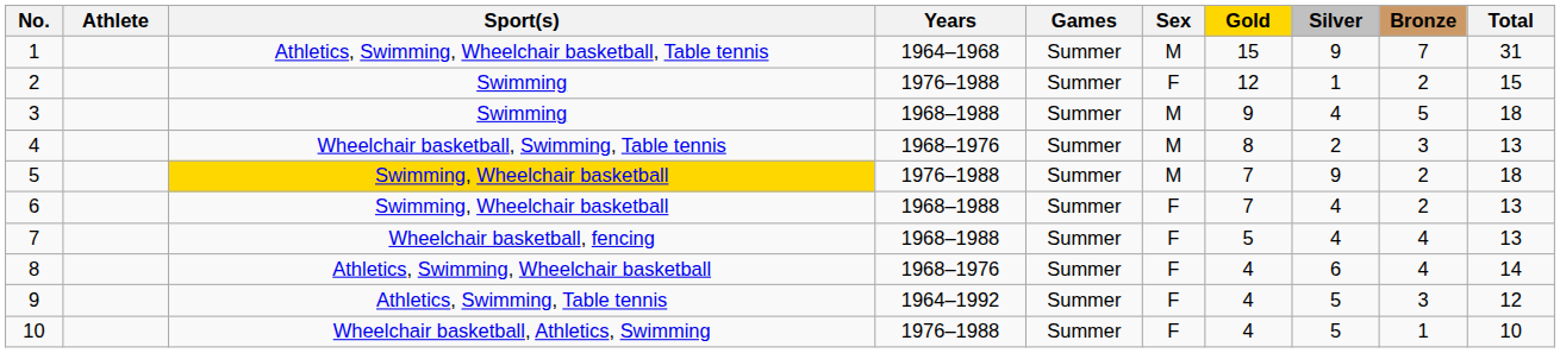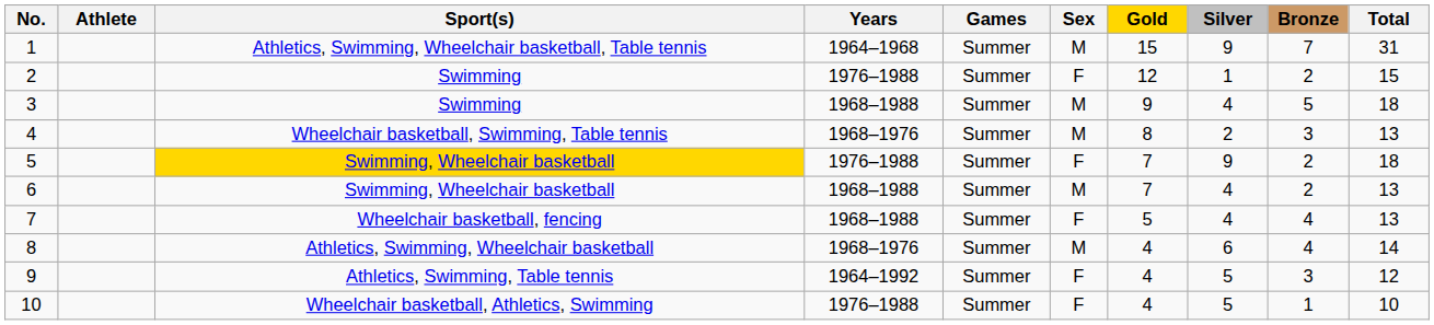 <table class="wikitable sortable" width=100% style="text-align:center;">
 <tr>
 <th>No.</th>
 <th>Athlete</th>
 <th>Sport(s)</th>
 <th>Years</th>
 <th>Games</th>
 <th>Sex</th>
 <th style="background:gold; width:4.0em; font-weight:bold;">Gold</th>
 <th style="background:silver; width:4.0em; font-weight:bold;">Silver</th>
 <th style="background:#cc9966; width:4.0em; font-weight:bold;">Bronze</th>
 <th style="width:4.0em;">Total</th>
 </tr>
 <tr>
 <td>1</td>
 <td></td>
 <td><a href='#'>Athletics</a>, <a href='#'>Swimming</a>, <a href='#'>Wheelchair basketball</a>, <a href='#'>Table tennis</a></td>
 <td>1964–1968</td>
 <td>Summer</td>
 <td>M</td>
 <td>15</td>
 <td>9</td>
 <td>7</td>
 <td>31</td>
 </tr>
 <tr>
 <td>2</td>
 <td></td>
 <td><a href='#'>Swimming</a></td>
 <td>1976–1988</td>
 <td>Summer</td>
 <td>F</td>
 <td>12</td>
 <td>1</td>
 <td>2</td>
 <td>15</td>
 </tr>
 <tr>
 <td>3</td>
 <td></td>
 <td><a href='#'>Swimming</a></td>
 <td>1968–1988</td>
 <td>Summer</td>
 <td>M</td>
 <td>9</td>
 <td>4</td>
 <td>5</td>
 <td>18</td>
 </tr>
 <tr>
 <td>4</td>
 <td></td>
 <td><a href='#'>Wheelchair basketball</a>, <a href='#'>Swimming</a>, <a href='#'>Table tennis</a></td>
 <td>1968–1976</td>
 <td>Summer</td>
 <td>M</td>
 <td>8</td>
 <td>2</td>
 <td>3</td>
 <td>13</td>
 </tr>
 <tr>
 <td>5</td>
 <td></td>
 <td style="background: gold;"><a href='#'>Swimming</a>, <a href='#'>Wheelchair basketball</a></td>
 <td>1976–1988</td>
 <td>Summer</td>
-<td>M</td>
+<td>F</td>
 <td>7</td>
 <td>9</td>
 <td>2</td>
 <td>18</td>
 </tr>
 <tr>
 <td>6</td>
 <td></td>
 <td><a href='#'>Swimming</a>, <a href='#'>Wheelchair basketball</a></td>
 <td>1968–1988</td>
 <td>Summer</td>
-<td>F</td>
+<td>M</td>
 <td>7</td>
 <td>4</td>
 <td>2</td>
 <td>13</td>
 </tr>
 <tr>
 <td>7</td>
 <td></td>
 <td><a href='#'>Wheelchair basketball</a>, <a href='#'>fencing</a></td>
 <td>1968–1988</td>
 <td>Summer</td>
 <td>F</td>
 <td>5</td>
 <td>4</td>
 <td>4</td>
 <td>13</td>
 </tr>
 <tr>
 <td>8</td>
 <td></td>
 <td><a href='#'>Athletics</a>, <a href='#'>Swimming</a>, <a href='#'>Wheelchair basketball</a></td>
 <td>1968–1976</td>
 <td>Summer</td>
-<td>F</td>
+<td>M</td>
 <td>4</td>
 <td>6</td>
 <td>4</td>
 <td>14</td>
 </tr>
 <tr>
 <td>9</td>
 <td></td>
 <td><a href='#'>Athletics</a>, <a href='#'>Swimming</a>, <a href='#'>Table tennis</a></td>
 <td>1964–1992</td>
 <td>Summer</td>
 <td>F</td>
 <td>4</td>
 <td>5</td>
 <td>3</td>
 <td>12</td>
 </tr>
 <tr>
 <td>10</td>
 <td></td>
 <td><a href='#'>Wheelchair basketball</a>, <a href='#'>Athletics</a>, <a href='#'>Swimming</a></td>
 <td>1976–1988</td>
 <td>Summer</td>
 <td>F</td>
 <td>4</td>
 <td>5</td>
 <td>1</td>
 <td>10</td>
 </tr>
 </table>
